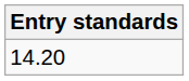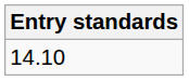 <table class="wikitable" border="1" align="upright">
 <tr>
 <th>Entry standards</th>
 </tr>
 <tr>
-<td>14.20</td>
+<td>14.10</td>
 </tr>
 </table>
